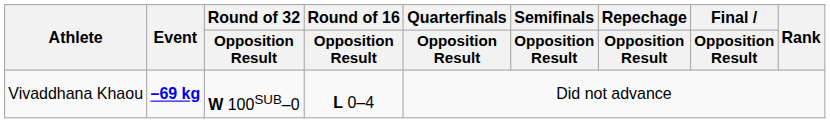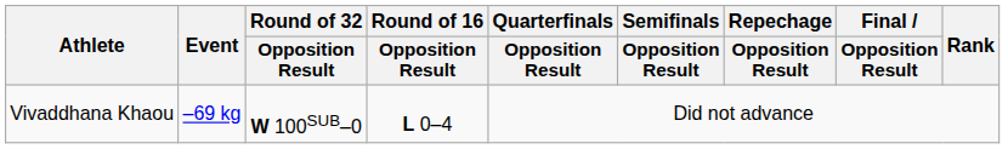 <table class=wikitable style=font-size:90%;text-align:center>
 <tr>
 <th rowspan="2">Athlete</th>
 <th rowspan="2">Event</th>
 <th>Round of 32</th>
 <th>Round of 16</th>
 <th>Quarterfinals</th>
 <th>Semifinals</th>
 <th>Repechage</th>
 <th>Final / </th>
 <th rowspan=2>Rank</th>
 </tr>
 <tr style="font-size:95%">
 <th>Opposition<br>Result</th>
 <th>Opposition<br>Result</th>
 <th>Opposition<br>Result</th>
 <th>Opposition<br>Result</th>
 <th>Opposition<br>Result</th>
 <th>Opposition<br>Result</th>
 </tr>
 <tr>
 <td align=left>Vivaddhana Khaou</td>
-<td align=left><strong><a href='#'>–69 kg</a></strong></td>
+<td align=left><a href='#'>–69 kg</a></td>
 <td><br><strong>W</strong> 100<sup>SUB</sup>–0</td>
 <td><br><strong>L</strong> 0–4</td>
 <td colspan=5>Did not advance</td>
 </tr>
 </table>
